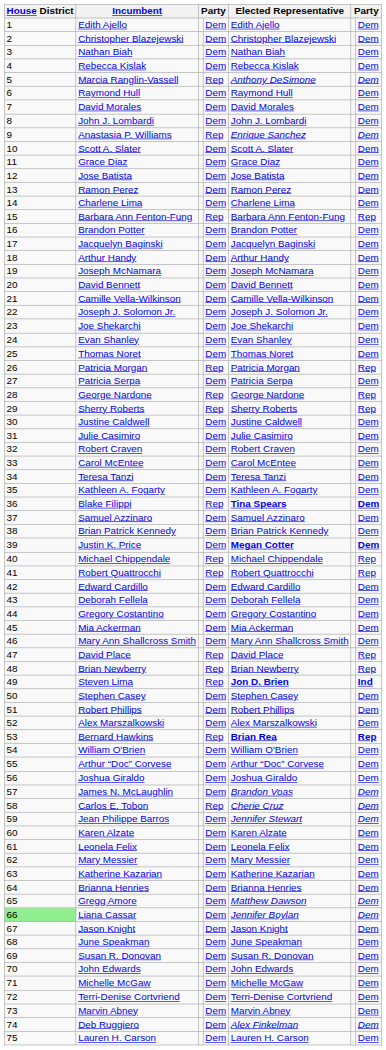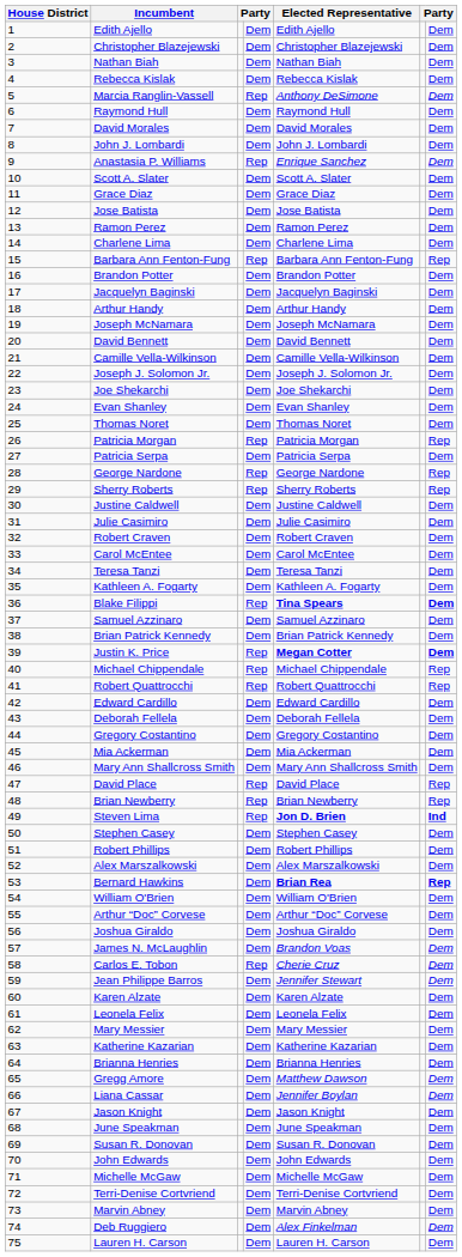 <table class="sortable wikitable" style="font-size:95%;line-height:14px;">
 <tr>
 <th colspan="1" class="sortable"><a href='#'>House</a> District</th>
 <th class="unsortable"><a href='#'>Incumbent</a></th>
 <th colspan="2">Party</th>
 <th class="unsortable">Elected Representative</th>
 <th colspan="2">Party</th>
 </tr>
 <tr>
 <td>1</td>
 <td><a href='#'>Edith Ajello</a></td>
 <td style="background:"></td>
 <td><a href='#'>Dem</a></td>
 <td><a href='#'>Edith Ajello</a></td>
 <td style="background:"></td>
 <td><a href='#'>Dem</a></td>
 </tr>
 <tr>
 <td>2</td>
 <td><a href='#'>Christopher Blazejewski</a></td>
 <td style="background:"></td>
 <td><a href='#'>Dem</a></td>
 <td><a href='#'>Christopher Blazejewski</a></td>
 <td style="background:"></td>
 <td><a href='#'>Dem</a></td>
 </tr>
 <tr>
 <td>3</td>
 <td><a href='#'>Nathan Biah</a></td>
 <td style="background:"></td>
 <td><a href='#'>Dem</a></td>
 <td><a href='#'>Nathan Biah</a></td>
 <td style="background:"></td>
 <td><a href='#'>Dem</a></td>
 </tr>
 <tr>
 <td>4</td>
 <td><a href='#'>Rebecca Kislak</a></td>
 <td style="background:"></td>
 <td><a href='#'>Dem</a></td>
 <td><a href='#'>Rebecca Kislak</a></td>
 <td style="background:"></td>
 <td><a href='#'>Dem</a></td>
 </tr>
 <tr>
 <td>5</td>
 <td><a href='#'>Marcia Ranglin-Vassell</a></td>
 <td style="background:"></td>
 <td><a href='#'>Rep</a></td>
 <td><em><a href='#'>Anthony DeSimone</a></em></td>
 <td style="background:"></td>
 <td><em><a href='#'>Dem</a></em></td>
 </tr>
 <tr>
 <td>6</td>
 <td><a href='#'>Raymond Hull</a></td>
 <td style="background:"></td>
 <td><a href='#'>Dem</a></td>
 <td><a href='#'>Raymond Hull</a></td>
 <td style="background:"></td>
 <td><a href='#'>Dem</a></td>
 </tr>
 <tr>
 <td>7</td>
 <td><a href='#'>David Morales</a></td>
 <td style="background:"></td>
 <td><a href='#'>Dem</a></td>
 <td><a href='#'>David Morales</a></td>
 <td style="background:"></td>
 <td><a href='#'>Dem</a></td>
 </tr>
 <tr>
 <td>8</td>
 <td><a href='#'>John J. Lombardi</a></td>
 <td style="background:"></td>
 <td><a href='#'>Dem</a></td>
 <td><a href='#'>John J. Lombardi</a></td>
 <td style="background:"></td>
 <td><a href='#'>Dem</a></td>
 </tr>
 <tr>
 <td>9</td>
 <td><a href='#'>Anastasia P. Williams</a></td>
 <td style="background:"></td>
 <td><a href='#'>Rep</a></td>
 <td><em><a href='#'>Enrique Sanchez</a></em></td>
 <td style="background:"></td>
 <td><em><a href='#'>Dem</a></em></td>
 </tr>
 <tr>
 <td>10</td>
 <td><a href='#'>Scott A. Slater</a></td>
 <td style="background:"></td>
 <td><a href='#'>Dem</a></td>
 <td><a href='#'>Scott A. Slater</a></td>
 <td style="background:"></td>
 <td><a href='#'>Dem</a></td>
 </tr>
 <tr>
 <td>11</td>
 <td><a href='#'>Grace Diaz</a></td>
 <td style="background:"></td>
 <td><a href='#'>Dem</a></td>
 <td><a href='#'>Grace Diaz</a></td>
 <td style="background:"></td>
 <td><a href='#'>Dem</a></td>
 </tr>
 <tr>
 <td>12</td>
 <td><a href='#'>Jose Batista</a></td>
 <td style="background:"></td>
 <td><a href='#'>Dem</a></td>
 <td><a href='#'>Jose Batista</a></td>
 <td style="background:"></td>
 <td><a href='#'>Dem</a></td>
 </tr>
 <tr>
 <td>13</td>
 <td><a href='#'>Ramon Perez</a></td>
 <td style="background:"></td>
 <td><a href='#'>Dem</a></td>
 <td><a href='#'>Ramon Perez</a></td>
 <td style="background:"></td>
 <td><a href='#'>Dem</a></td>
 </tr>
 <tr>
 <td>14</td>
 <td><a href='#'>Charlene Lima</a></td>
 <td style="background:"></td>
 <td><a href='#'>Dem</a></td>
 <td><a href='#'>Charlene Lima</a></td>
 <td style="background:"></td>
 <td><a href='#'>Dem</a></td>
 </tr>
 <tr>
 <td>15</td>
 <td><a href='#'>Barbara Ann Fenton-Fung</a></td>
 <td style="background:"></td>
 <td><a href='#'>Rep</a></td>
 <td><a href='#'>Barbara Ann Fenton-Fung</a></td>
 <td style="background:"></td>
 <td><a href='#'>Rep</a></td>
 </tr>
 <tr>
 <td>16</td>
 <td><a href='#'>Brandon Potter</a></td>
 <td style="background:"></td>
 <td><a href='#'>Dem</a></td>
 <td><a href='#'>Brandon Potter</a></td>
 <td style="background:"></td>
 <td><a href='#'>Dem</a></td>
 </tr>
 <tr>
 <td>17</td>
 <td><a href='#'>Jacquelyn Baginski</a></td>
 <td style="background:"></td>
 <td><a href='#'>Dem</a></td>
 <td><a href='#'>Jacquelyn Baginski</a></td>
 <td style="background:"></td>
 <td><a href='#'>Dem</a></td>
 </tr>
 <tr>
 <td>18</td>
 <td><a href='#'>Arthur Handy</a></td>
 <td style="background:"></td>
 <td><a href='#'>Dem</a></td>
 <td><a href='#'>Arthur Handy</a></td>
 <td style="background:"></td>
 <td><a href='#'>Dem</a></td>
 </tr>
 <tr>
 <td>19</td>
 <td><a href='#'>Joseph McNamara</a></td>
 <td style="background:"></td>
 <td><a href='#'>Dem</a></td>
 <td><a href='#'>Joseph McNamara</a></td>
 <td style="background:"></td>
 <td><a href='#'>Dem</a></td>
 </tr>
 <tr>
 <td>20</td>
 <td><a href='#'>David Bennett</a></td>
 <td style="background:"></td>
 <td><a href='#'>Dem</a></td>
 <td><a href='#'>David Bennett</a></td>
 <td style="background:"></td>
 <td><a href='#'>Dem</a></td>
 </tr>
 <tr>
 <td>21</td>
 <td><a href='#'>Camille Vella-Wilkinson</a></td>
 <td style="background:"></td>
 <td><a href='#'>Dem</a></td>
 <td><a href='#'>Camille Vella-Wilkinson</a></td>
 <td style="background:"></td>
 <td><a href='#'>Dem</a></td>
 </tr>
 <tr>
 <td>22</td>
 <td><a href='#'>Joseph J. Solomon Jr.</a></td>
 <td style="background:"></td>
 <td><a href='#'>Dem</a></td>
 <td><a href='#'>Joseph J. Solomon Jr.</a></td>
 <td style="background:"></td>
 <td><a href='#'>Dem</a></td>
 </tr>
 <tr>
 <td>23</td>
 <td><a href='#'>Joe Shekarchi</a></td>
 <td style="background:"></td>
 <td><a href='#'>Dem</a></td>
 <td><a href='#'>Joe Shekarchi</a></td>
 <td style="background:"></td>
 <td><a href='#'>Dem</a></td>
 </tr>
 <tr>
 <td>24</td>
 <td><a href='#'>Evan Shanley</a></td>
 <td style="background:"></td>
 <td><a href='#'>Dem</a></td>
 <td><a href='#'>Evan Shanley</a></td>
 <td style="background:"></td>
 <td><a href='#'>Dem</a></td>
 </tr>
 <tr>
 <td>25</td>
 <td><a href='#'>Thomas Noret</a></td>
 <td style="background:"></td>
 <td><a href='#'>Dem</a></td>
 <td><a href='#'>Thomas Noret</a></td>
 <td style="background:"></td>
 <td><a href='#'>Dem</a></td>
 </tr>
 <tr>
 <td>26</td>
 <td><a href='#'>Patricia Morgan</a></td>
 <td style="background:"></td>
 <td><a href='#'>Rep</a></td>
 <td><a href='#'>Patricia Morgan</a></td>
 <td style="background:"></td>
 <td><a href='#'>Rep</a></td>
 </tr>
 <tr>
 <td>27</td>
 <td><a href='#'>Patricia Serpa</a></td>
 <td style="background:"></td>
 <td><a href='#'>Dem</a></td>
 <td><a href='#'>Patricia Serpa</a></td>
 <td style="background:"></td>
 <td><a href='#'>Dem</a></td>
 </tr>
 <tr>
 <td>28</td>
 <td><a href='#'>George Nardone</a></td>
 <td style="background:"></td>
 <td><a href='#'>Rep</a></td>
 <td><a href='#'>George Nardone</a></td>
 <td style="background:"></td>
 <td><a href='#'>Rep</a></td>
 </tr>
 <tr>
 <td>29</td>
 <td><a href='#'>Sherry Roberts</a></td>
 <td style="background:"></td>
 <td><a href='#'>Rep</a></td>
 <td><a href='#'>Sherry Roberts</a></td>
 <td style="background:"></td>
 <td><a href='#'>Rep</a></td>
 </tr>
 <tr>
 <td>30</td>
 <td><a href='#'>Justine Caldwell</a></td>
 <td style="background:"></td>
 <td><a href='#'>Dem</a></td>
 <td><a href='#'>Justine Caldwell</a></td>
 <td style="background:"></td>
 <td><a href='#'>Dem</a></td>
 </tr>
 <tr>
 <td>31</td>
 <td><a href='#'>Julie Casimiro</a></td>
 <td style="background:"></td>
 <td><a href='#'>Dem</a></td>
 <td><a href='#'>Julie Casimiro</a></td>
 <td style="background:"></td>
 <td><a href='#'>Dem</a></td>
 </tr>
 <tr>
 <td>32</td>
 <td><a href='#'>Robert Craven</a></td>
 <td style="background:"></td>
 <td><a href='#'>Dem</a></td>
 <td><a href='#'>Robert Craven</a></td>
 <td style="background:"></td>
 <td><a href='#'>Dem</a></td>
 </tr>
 <tr>
 <td>33</td>
 <td><a href='#'>Carol McEntee</a></td>
 <td style="background:"></td>
 <td><a href='#'>Dem</a></td>
 <td><a href='#'>Carol McEntee</a></td>
 <td style="background:"></td>
 <td><a href='#'>Dem</a></td>
 </tr>
 <tr>
 <td>34</td>
 <td><a href='#'>Teresa Tanzi</a></td>
 <td style="background:"></td>
 <td><a href='#'>Dem</a></td>
 <td><a href='#'>Teresa Tanzi</a></td>
 <td style="background:"></td>
 <td><a href='#'>Dem</a></td>
 </tr>
 <tr>
 <td>35</td>
 <td><a href='#'>Kathleen A. Fogarty</a></td>
 <td style="background:"></td>
 <td><a href='#'>Dem</a></td>
 <td><a href='#'>Kathleen A. Fogarty</a></td>
 <td style="background:"></td>
 <td><a href='#'>Dem</a></td>
 </tr>
 <tr>
 <td>36</td>
 <td><a href='#'>Blake Filippi</a></td>
 <td style="background:"></td>
 <td><a href='#'>Rep</a></td>
 <td><strong><a href='#'>Tina Spears</a></strong></td>
 <td style="background:"></td>
 <td><strong><a href='#'>Dem</a></strong></td>
 </tr>
 <tr>
 <td>37</td>
 <td><a href='#'>Samuel Azzinaro</a></td>
 <td style="background:"></td>
 <td><a href='#'>Dem</a></td>
 <td><a href='#'>Samuel Azzinaro</a></td>
 <td style="background:"></td>
 <td><a href='#'>Dem</a></td>
 </tr>
 <tr>
 <td>38</td>
 <td><a href='#'>Brian Patrick Kennedy</a></td>
 <td style="background:"></td>
 <td><a href='#'>Dem</a></td>
 <td><a href='#'>Brian Patrick Kennedy</a></td>
 <td style="background:"></td>
 <td><a href='#'>Dem</a></td>
 </tr>
 <tr>
 <td>39</td>
 <td><a href='#'>Justin K. Price</a></td>
 <td style="background:"></td>
-<td><a href='#'>Dem</a></td>
+<td><a href='#'>Rep</a></td>
 <td><strong><a href='#'>Megan Cotter</a></strong></td>
 <td style="background:"></td>
 <td><strong><a href='#'>Dem</a></strong></td>
 </tr>
 <tr>
 <td>40</td>
 <td><a href='#'>Michael Chippendale</a></td>
 <td style="background:"></td>
 <td><a href='#'>Rep</a></td>
 <td><a href='#'>Michael Chippendale</a></td>
 <td style="background:"></td>
 <td><a href='#'>Rep</a></td>
 </tr>
 <tr>
 <td>41</td>
 <td><a href='#'>Robert Quattrocchi</a></td>
 <td style="background:"></td>
 <td><a href='#'>Rep</a></td>
 <td><a href='#'>Robert Quattrocchi</a></td>
 <td style="background:"></td>
 <td><a href='#'>Rep</a></td>
 </tr>
 <tr>
 <td>42</td>
 <td><a href='#'>Edward Cardillo</a></td>
 <td style="background:"></td>
 <td><a href='#'>Dem</a></td>
 <td><a href='#'>Edward Cardillo</a></td>
 <td style="background:"></td>
 <td><a href='#'>Dem</a></td>
 </tr>
 <tr>
 <td>43</td>
 <td><a href='#'>Deborah Fellela</a></td>
 <td style="background:"></td>
 <td><a href='#'>Dem</a></td>
 <td><a href='#'>Deborah Fellela</a></td>
 <td style="background:"></td>
 <td><a href='#'>Dem</a></td>
 </tr>
 <tr>
 <td>44</td>
 <td><a href='#'>Gregory Costantino</a></td>
 <td style="background:"></td>
 <td><a href='#'>Dem</a></td>
 <td><a href='#'>Gregory Costantino</a></td>
 <td style="background:"></td>
 <td><a href='#'>Dem</a></td>
 </tr>
 <tr>
 <td>45</td>
 <td><a href='#'>Mia Ackerman</a></td>
 <td style="background:"></td>
 <td><a href='#'>Dem</a></td>
 <td><a href='#'>Mia Ackerman</a></td>
 <td style="background:"></td>
 <td><a href='#'>Dem</a></td>
 </tr>
 <tr>
 <td>46</td>
 <td><a href='#'>Mary Ann Shallcross Smith</a></td>
 <td style="background:"></td>
 <td><a href='#'>Dem</a></td>
 <td><a href='#'>Mary Ann Shallcross Smith</a></td>
 <td style="background:"></td>
 <td><a href='#'>Dem</a></td>
 </tr>
 <tr>
 <td>47</td>
 <td><a href='#'>David Place</a></td>
 <td style="background:"></td>
 <td><a href='#'>Rep</a></td>
 <td><a href='#'>David Place</a></td>
 <td style="background:"></td>
 <td><a href='#'>Rep</a></td>
 </tr>
 <tr>
 <td>48</td>
 <td><a href='#'>Brian Newberry</a></td>
 <td style="background:"></td>
 <td><a href='#'>Rep</a></td>
 <td><a href='#'>Brian Newberry</a></td>
 <td style="background:"></td>
 <td><a href='#'>Rep</a></td>
 </tr>
 <tr>
 <td>49</td>
 <td><a href='#'>Steven Lima</a></td>
 <td style="background:"></td>
 <td><a href='#'>Rep</a></td>
 <td><strong><a href='#'>Jon D. Brien</a></strong></td>
 <td style="background:"></td>
 <td><strong><a href='#'>Ind</a></strong></td>
 </tr>
 <tr>
 <td>50</td>
 <td><a href='#'>Stephen Casey</a></td>
 <td style="background:"></td>
 <td><a href='#'>Dem</a></td>
 <td><a href='#'>Stephen Casey</a></td>
 <td style="background:"></td>
 <td><a href='#'>Dem</a></td>
 </tr>
 <tr>
 <td>51</td>
 <td><a href='#'>Robert Phillips</a></td>
 <td style="background:"></td>
 <td><a href='#'>Dem</a></td>
 <td><a href='#'>Robert Phillips</a></td>
 <td style="background:"></td>
 <td><a href='#'>Dem</a></td>
 </tr>
 <tr>
 <td>52</td>
 <td><a href='#'>Alex Marszalkowski</a></td>
 <td style="background:"></td>
 <td><a href='#'>Dem</a></td>
 <td><a href='#'>Alex Marszalkowski</a></td>
 <td style="background:"></td>
 <td><a href='#'>Dem</a></td>
 </tr>
 <tr>
 <td>53</td>
 <td><a href='#'>Bernard Hawkins</a></td>
 <td style="background:"></td>
-<td><a href='#'>Rep</a></td>
+<td><a href='#'>Dem</a></td>
 <td><strong><a href='#'>Brian Rea</a></strong></td>
 <td style="background:"></td>
 <td><strong><a href='#'>Rep</a></strong></td>
 </tr>
 <tr>
 <td>54</td>
 <td><a href='#'>William O'Brien</a></td>
 <td style="background:"></td>
 <td><a href='#'>Dem</a></td>
 <td><a href='#'>William O'Brien</a></td>
 <td style="background:"></td>
 <td><a href='#'>Dem</a></td>
 </tr>
 <tr>
 <td>55</td>
 <td><a href='#'>Arthur “Doc” Corvese</a></td>
 <td style="background:"></td>
 <td><a href='#'>Dem</a></td>
 <td><a href='#'>Arthur “Doc” Corvese</a></td>
 <td style="background:"></td>
 <td><a href='#'>Dem</a></td>
 </tr>
 <tr>
 <td>56</td>
 <td><a href='#'>Joshua Giraldo</a></td>
 <td style="background:"></td>
 <td><a href='#'>Dem</a></td>
 <td><a href='#'>Joshua Giraldo</a></td>
 <td style="background:"></td>
 <td><a href='#'>Dem</a></td>
 </tr>
 <tr>
 <td>57</td>
 <td><a href='#'>James N. McLaughlin</a></td>
 <td style="background:"></td>
 <td><a href='#'>Dem</a></td>
 <td><em><a href='#'>Brandon Voas</a></em></td>
 <td style="background:"></td>
 <td><em><a href='#'>Dem</a></em></td>
 </tr>
 <tr>
 <td>58</td>
 <td><a href='#'>Carlos E. Tobon</a></td>
 <td style="background:"></td>
 <td><a href='#'>Rep</a></td>
 <td><em><a href='#'>Cherie Cruz</a></em></td>
 <td style="background:"></td>
 <td><em><a href='#'>Dem</a></em></td>
 </tr>
 <tr>
 <td>59</td>
 <td><a href='#'>Jean Philippe Barros</a></td>
 <td style="background:"></td>
 <td><a href='#'>Dem</a></td>
 <td><em><a href='#'>Jennifer Stewart</a></em></td>
 <td style="background:"></td>
 <td><em><a href='#'>Dem</a></em></td>
 </tr>
 <tr>
 <td>60</td>
 <td><a href='#'>Karen Alzate</a></td>
 <td style="background:"></td>
 <td><a href='#'>Dem</a></td>
 <td><a href='#'>Karen Alzate</a></td>
 <td style="background:"></td>
 <td><a href='#'>Dem</a></td>
 </tr>
 <tr>
 <td>61</td>
 <td><a href='#'>Leonela Felix</a></td>
 <td style="background:"></td>
 <td><a href='#'>Dem</a></td>
 <td><a href='#'>Leonela Felix</a></td>
 <td style="background:"></td>
 <td><a href='#'>Dem</a></td>
 </tr>
 <tr>
 <td>62</td>
 <td><a href='#'>Mary Messier</a></td>
 <td style="background:"></td>
 <td><a href='#'>Dem</a></td>
 <td><a href='#'>Mary Messier</a></td>
 <td style="background:"></td>
 <td><a href='#'>Dem</a></td>
 </tr>
 <tr>
 <td>63</td>
 <td><a href='#'>Katherine Kazarian</a></td>
 <td style="background:"></td>
 <td><a href='#'>Dem</a></td>
 <td><a href='#'>Katherine Kazarian</a></td>
 <td style="background:"></td>
 <td><a href='#'>Dem</a></td>
 </tr>
 <tr>
 <td>64</td>
 <td><a href='#'>Brianna Henries</a></td>
 <td style="background:"></td>
 <td><a href='#'>Dem</a></td>
 <td><a href='#'>Brianna Henries</a></td>
 <td style="background:"></td>
 <td><a href='#'>Dem</a></td>
 </tr>
 <tr>
 <td>65</td>
 <td><a href='#'>Gregg Amore</a></td>
 <td style="background:"></td>
 <td><a href='#'>Dem</a></td>
 <td><em><a href='#'>Matthew Dawson</a></em></td>
 <td style="background:"></td>
 <td><em><a href='#'>Dem</a></em></td>
 </tr>
 <tr>
-<td style="background: lightgreen;">66</td>
+<td>66</td>
 <td><a href='#'>Liana Cassar</a></td>
 <td style="background:"></td>
 <td><a href='#'>Dem</a></td>
 <td><em><a href='#'>Jennifer Boylan</a></em></td>
 <td style="background:"></td>
 <td><em><a href='#'>Dem</a></em></td>
 </tr>
 <tr>
 <td>67</td>
 <td><a href='#'>Jason Knight</a></td>
 <td style="background:"></td>
 <td><a href='#'>Dem</a></td>
 <td><a href='#'>Jason Knight</a></td>
 <td style="background:"></td>
 <td><a href='#'>Dem</a></td>
 </tr>
 <tr>
 <td>68</td>
 <td><a href='#'>June Speakman</a></td>
 <td style="background:"></td>
 <td><a href='#'>Dem</a></td>
 <td><a href='#'>June Speakman</a></td>
 <td style="background:"></td>
 <td><a href='#'>Dem</a></td>
 </tr>
 <tr>
 <td>69</td>
 <td><a href='#'>Susan R. Donovan</a></td>
 <td style="background:"></td>
 <td><a href='#'>Dem</a></td>
 <td><a href='#'>Susan R. Donovan</a></td>
 <td style="background:"></td>
 <td><a href='#'>Dem</a></td>
 </tr>
 <tr>
 <td>70</td>
 <td><a href='#'>John Edwards</a></td>
 <td style="background:"></td>
 <td><a href='#'>Dem</a></td>
 <td><a href='#'>John Edwards</a></td>
 <td style="background:"></td>
 <td><a href='#'>Dem</a></td>
 </tr>
 <tr>
 <td>71</td>
 <td><a href='#'>Michelle McGaw</a></td>
 <td style="background:"></td>
 <td><a href='#'>Dem</a></td>
 <td><a href='#'>Michelle McGaw</a></td>
 <td style="background:"></td>
 <td><a href='#'>Dem</a></td>
 </tr>
 <tr>
 <td>72</td>
 <td><a href='#'>Terri-Denise Cortvriend</a></td>
 <td style="background:"></td>
 <td><a href='#'>Dem</a></td>
 <td><a href='#'>Terri-Denise Cortvriend</a></td>
 <td style="background:"></td>
 <td><a href='#'>Dem</a></td>
 </tr>
 <tr>
 <td>73</td>
 <td><a href='#'>Marvin Abney</a></td>
 <td style="background:"></td>
 <td><a href='#'>Dem</a></td>
 <td><a href='#'>Marvin Abney</a></td>
 <td style="background:"></td>
 <td><a href='#'>Dem</a></td>
 </tr>
 <tr>
 <td>74</td>
 <td><a href='#'>Deb Ruggiero</a></td>
 <td style="background:"></td>
 <td><a href='#'>Dem</a></td>
 <td><em><a href='#'>Alex Finkelman</a></em></td>
 <td style="background:"></td>
 <td><em><a href='#'>Dem</a></em></td>
 </tr>
 <tr>
 <td>75</td>
 <td><a href='#'>Lauren H. Carson</a></td>
 <td style="background:"></td>
 <td><a href='#'>Dem</a></td>
 <td><a href='#'>Lauren H. Carson</a></td>
 <td style="background:"></td>
 <td><a href='#'>Dem</a></td>
 </tr>
 </table>
